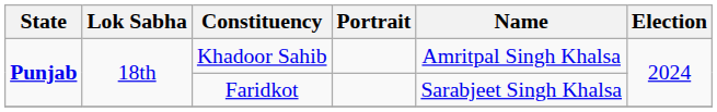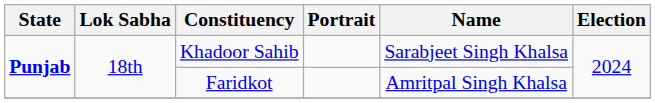 <table class="wikitable sortable" style="text-align:center">
 <tr>
 <th style="background-color: ">State</th>
 <th style="background-color: ">Lok Sabha</th>
 <th style="background-color: ">Constituency</th>
 <th style="background-color: ">Portrait</th>
 <th style="background-color: ">Name</th>
 <th style="background-color: ">Election</th>
 </tr>
 <tr>
 <td rowspan="2"><strong><a href='#'>Punjab</a></strong></td>
 <td rowspan="2"><a href='#'>18th</a></td>
 <td><a href='#'>Khadoor Sahib</a></td>
 <td></td>
-<td><a href='#'>Amritpal Singh Khalsa</a></td>
+<td><a href='#'>Sarabjeet Singh Khalsa</a></td>
 <td rowspan="2"><a href='#'>2024</a></td>
 </tr>
 <tr>
 <td><a href='#'>Faridkot</a></td>
 <td></td>
-<td><a href='#'>Sarabjeet Singh Khalsa</a></td>
+<td><a href='#'>Amritpal Singh Khalsa</a></td>
 </tr>
 <tr>
 </tr>
 </table>
